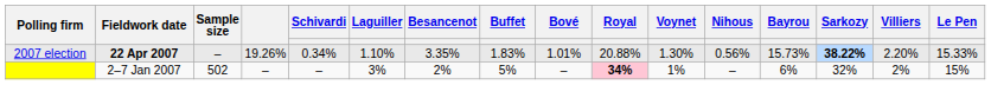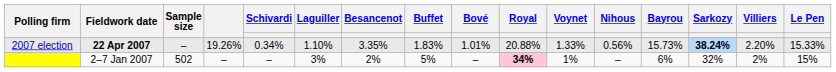 <table class="wikitable sortable" style="text-align:center;font-size:90%;line-height:14px;">
 <tr style="height:40px;">
 <th style="width:100px;" rowspan="2">Polling firm</th>
 <th style="width:110px;" rowspan="2">Fieldwork date</th>
 <th style="width:35px;" rowspan="2">Sample<br>size</th>
 <th style="width:30px;" rowspan="2"></th>
 <th class="unsortable" style="width:60px;"><a href='#'>Schivardi</a><br></th>
 <th class="unsortable" style="width:60px;"><a href='#'>Laguiller</a><br></th>
 <th class="unsortable" style="width:60px;"><a href='#'>Besancenot</a><br></th>
 <th class="unsortable" style="width:60px;"><a href='#'>Buffet</a><br></th>
 <th class="unsortable" style="width:60px;"><a href='#'>Bové</a><br></th>
 <th class="unsortable" style="width:60px;"><a href='#'>Royal</a><br></th>
 <th class="unsortable" style="width:60px;"><a href='#'>Voynet</a><br></th>
 <th class="unsortable" style="width:60px;"><a href='#'>Nihous</a><br></th>
 <th class="unsortable" style="width:60px;"><a href='#'>Bayrou</a><br></th>
 <th class="unsortable" style="width:60px;"><a href='#'>Sarkozy</a><br></th>
 <th class="unsortable" style="width:60px;"><a href='#'>Villiers</a><br></th>
 <th class="unsortable" style="width:60px;"><a href='#'>Le Pen</a><br></th>
 </tr>
 <tr>
 <th style="background:"></th>
 <th style="background:"></th>
 <th style="background:"></th>
 <th style="background:"></th>
 <th style="background:"></th>
 <th style="background:"></th>
 <th style="background:"></th>
 <th style="background:"></th>
 <th style="background:"></th>
 <th style="background:"></th>
 <th style="background:"></th>
 <th style="background:"></th>
 </tr>
 <tr style="background:#E9E9E9;">
 <td><a href='#'>2007 election</a></td>
 <td data-sort-value="2007-04-22"><strong>22 Apr 2007</strong></td>
 <td>–</td>
 <td>19.26%</td>
 <td>0.34%</td>
 <td>1.10%</td>
 <td>3.35%</td>
 <td>1.83%</td>
 <td>1.01%</td>
 <td>20.88%</td>
-<td>1.30%</td>
+<td>1.33%</td>
 <td>0.56%</td>
 <td>15.73%</td>
-<td style="background:#B9DAFF;"><strong>38.22%</strong></td>
+<td style="background:#B9DAFF;"><strong>38.24%</strong></td>
 <td>2.20%</td>
 <td>15.33%</td>
 </tr>
 <tr>
 <td style="background:yellow;"></td>
 <td data-sort-value="2007-01-07">2–7 Jan 2007</td>
 <td>502</td>
 <td>–</td>
 <td>–</td>
 <td>3%</td>
 <td>2%</td>
 <td>5%</td>
 <td>–</td>
 <td style="background:#FFC6D5;"><strong>34%</strong></td>
 <td>1%</td>
 <td>–</td>
 <td>6%</td>
 <td>32%</td>
 <td>2%</td>
 <td>15%</td>
 </tr>
 </table>
